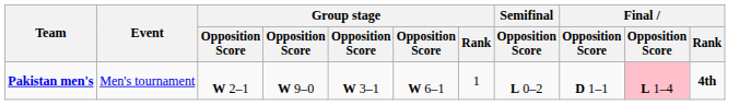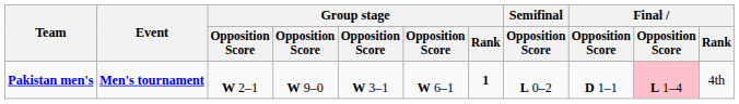 <table class="wikitable" style="font-size:90%">
 <tr>
 <th rowspan=2>Team</th>
 <th rowspan=2>Event</th>
 <th colspan=5>Group stage</th>
 <th>Semifinal</th>
 <th colspan=3>Final / </th>
 </tr>
 <tr style="font-size:95%">
 <th>Opposition<br>Score</th>
 <th>Opposition<br>Score</th>
 <th>Opposition<br>Score</th>
 <th>Opposition<br>Score</th>
 <th>Rank</th>
 <th>Opposition<br>Score</th>
 <th>Opposition<br>Score</th>
 <th>Opposition<br>Score</th>
 <th>Rank</th>
 </tr>
 <tr align=center>
 <td align=left><strong><a href='#'>Pakistan men's</a></strong></td>
-<td align=left><a href='#'>Men's tournament</a></td>
+<td align=left><strong><a href='#'>Men's tournament</a></strong></td>
 <td><br><strong>W</strong> 2–1</td>
 <td><br><strong>W</strong> 9–0</td>
 <td><br><strong>W</strong> 3–1</td>
 <td><br><strong>W</strong> 6–1</td>
-<td>1</td>
+<td><strong>1</strong></td>
 <td><br><strong>L</strong> 0–2</td>
 <td><br><strong>D</strong> 1–1</td>
 <td style="background: pink;"><br><strong>L</strong> 1–4</td>
-<td><strong>4th</strong></td>
+<td>4th</td>
 </tr>
 </table>
